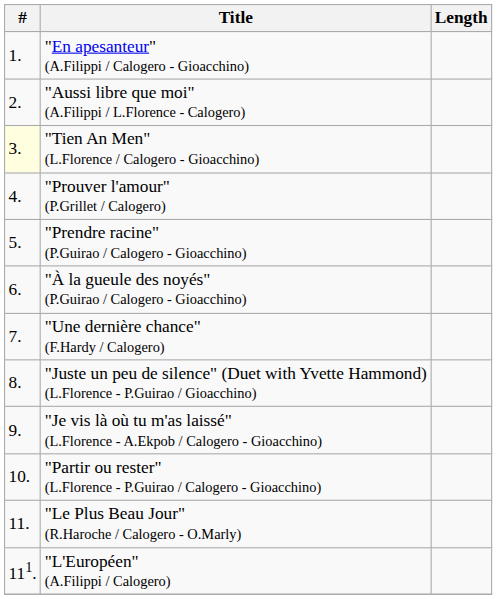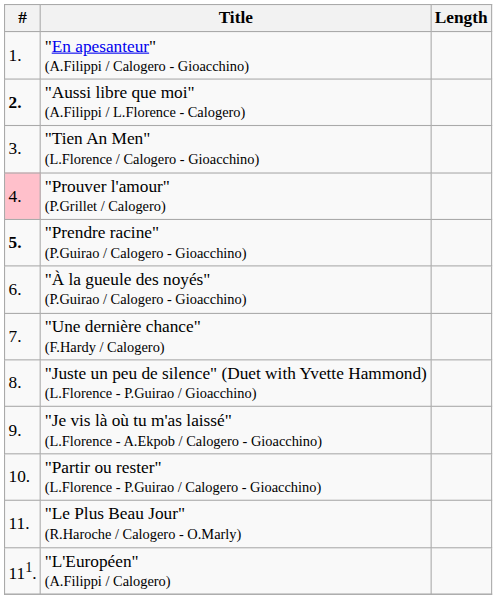 <table class="wikitable" size=80%>
 <tr>
 <th>#</th>
 <th>Title</th>
 <th>Length</th>
 </tr>
 <tr>
 <td>1.</td>
 <td>"<a href='#'>En apesanteur</a>" <br><small>(A.Filippi / Calogero - Gioacchino)</small></td>
 <td></td>
 </tr>
 <tr>
-<td>2.</td>
+<td><strong>2.</strong></td>
 <td>"Aussi libre que moi" <br><small>(A.Filippi / L.Florence - Calogero)</small></td>
 <td></td>
 </tr>
 <tr>
-<td style="background: lightyellow;">3.</td>
+<td>3.</td>
 <td>"Tien An Men" <br><small>(L.Florence / Calogero - Gioacchino)</small></td>
 <td></td>
 </tr>
 <tr>
-<td>4.</td>
+<td style="background: pink;">4.</td>
 <td>"Prouver l'amour" <br><small>(P.Grillet / Calogero)</small></td>
 <td></td>
 </tr>
 <tr>
-<td>5.</td>
+<td><strong>5.</strong></td>
 <td>"Prendre racine" <br><small>(P.Guirao / Calogero - Gioacchino)</small></td>
 <td></td>
 </tr>
 <tr>
 <td>6.</td>
 <td>"À la gueule des noyés" <br><small>(P.Guirao / Calogero - Gioacchino)</small></td>
 <td></td>
 </tr>
 <tr>
 <td>7.</td>
 <td>"Une dernière chance" <br><small>(F.Hardy / Calogero)</small></td>
 <td></td>
 </tr>
 <tr>
 <td>8.</td>
 <td>"Juste un peu de silence" (Duet with Yvette Hammond) <br><small>(L.Florence - P.Guirao / Gioacchino)</small></td>
 <td></td>
 </tr>
 <tr>
 <td>9.</td>
 <td>"Je vis là où tu m'as laissé" <br><small>(L.Florence - A.Ekpob / Calogero - Gioacchino)</small></td>
 <td></td>
 </tr>
 <tr>
 <td>10.</td>
 <td>"Partir ou rester" <br><small>(L.Florence - P.Guirao / Calogero - Gioacchino)</small></td>
 <td></td>
 </tr>
 <tr>
 <td>11.</td>
 <td>"Le Plus Beau Jour" <br><small>(R.Haroche / Calogero - O.Marly)</small></td>
 <td></td>
 </tr>
 <tr>
 <td>11<sup>1</sup>.</td>
 <td>"L'Européen" <br><small>(A.Filippi / Calogero)</small></td>
 <td></td>
 </tr>
 <tr>
 </tr>
 </table>
